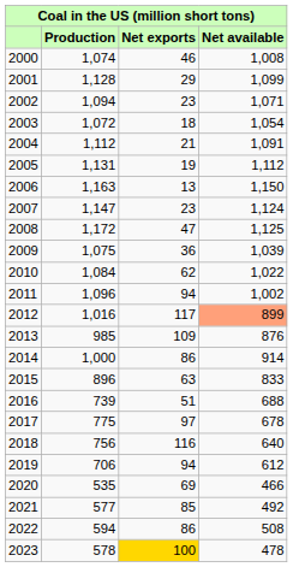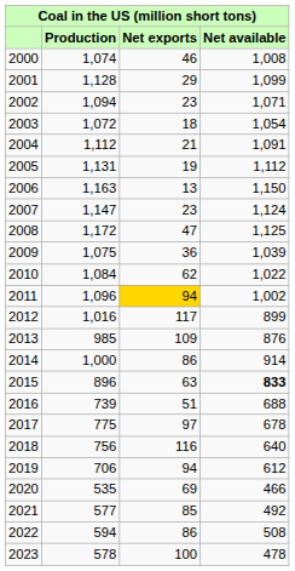 <table class="wikitable">
 <tr>
 <th colspan="4" align="center" style="background-color: #cfb;">Coal in the US (million short tons)</th>
 </tr>
 <tr>
 <th style="background-color: #cfb;"></th>
 <th style="background-color: #cfb;">Production</th>
 <th style="background-color: #cfb;">Net exports</th>
 <th style="background-color: #cfb;">Net available</th>
 </tr>
 <tr ---->
 <td align="left">2000</td>
 <td align="right">1,074</td>
 <td align="right">46</td>
 <td align="right">1,008</td>
 </tr>
 <tr ---->
 <td align="left">2001</td>
 <td align="right">1,128</td>
 <td align="right">29</td>
 <td align="right">1,099</td>
 </tr>
 <tr ---->
 <td align="left">2002</td>
 <td align="right">1,094</td>
 <td align="right">23</td>
 <td align="right">1,071</td>
 </tr>
 <tr ---->
 <td align="left">2003</td>
 <td align="right">1,072</td>
 <td align="right">18</td>
 <td align="right">1,054</td>
 </tr>
 <tr ---->
 <td align="left">2004</td>
 <td align="right">1,112</td>
 <td align="right">21</td>
 <td align="right">1,091</td>
 </tr>
 <tr ---->
 <td align="left">2005</td>
 <td align="right">1,131</td>
 <td align="right">19</td>
 <td align="right">1,112</td>
 </tr>
 <tr ---->
 <td align="left">2006</td>
 <td align="right">1,163</td>
 <td align="right">13</td>
 <td align="right">1,150</td>
 </tr>
 <tr ---->
 <td align="left">2007</td>
 <td align="right">1,147</td>
 <td align="right">23</td>
 <td align="right">1,124</td>
 </tr>
 <tr ---->
 <td align="left">2008</td>
 <td align="right">1,172</td>
 <td align="right">47</td>
 <td align="right">1,125</td>
 </tr>
 <tr ---->
 <td align="left">2009</td>
 <td align="right">1,075</td>
 <td align="right">36</td>
 <td align="right">1,039</td>
 </tr>
 <tr ---->
 <td align="left">2010</td>
 <td align="right">1,084</td>
 <td align="right">62</td>
 <td align="right">1,022</td>
 </tr>
 <tr ---->
 <td align="left">2011</td>
 <td align="right">1,096</td>
-<td align="right">94</td>
+<td align="right" style="background: gold;">94</td>
 <td align="right">1,002</td>
 </tr>
 <tr ---->
 <td align="left">2012</td>
 <td align="right">1,016</td>
 <td align="right">117</td>
-<td align="right" style="background: lightsalmon;">899</td>
+<td align="right">899</td>
 </tr>
 <tr ---->
 <td align="left">2013</td>
 <td align="right">985</td>
 <td align="right">109</td>
 <td align="right">876</td>
 </tr>
 <tr ----->
 <td align="left">2014</td>
 <td align="right">1,000</td>
 <td align="right">86</td>
 <td align="right">914</td>
 </tr>
 <tr ----->
 <td align="left">2015</td>
 <td align="right">896</td>
 <td align="right">63</td>
-<td align="right">833</td>
+<td align="right"><strong>833</strong></td>
 </tr>
 <tr ---->
 <td align="left">2016</td>
 <td align="right">739</td>
 <td align="right">51</td>
 <td align="right">688</td>
 </tr>
 <tr>
 <td align="left">2017</td>
 <td align="right">775</td>
 <td align="right">97</td>
 <td align="right">678</td>
 </tr>
 <tr>
 <td align="left">2018</td>
 <td align="right">756</td>
 <td align="right">116</td>
 <td align="right">640</td>
 </tr>
 <tr align="right">
 <td align="left">2019</td>
 <td>706</td>
 <td>94</td>
 <td>612</td>
 </tr>
 <tr>
 <td align="left">2020</td>
 <td align="right">535</td>
 <td align="right">69</td>
 <td align="right">466</td>
 </tr>
 <tr>
 <td align="left">2021</td>
 <td align="right">577</td>
 <td align="right">85</td>
 <td align="right">492</td>
 </tr>
 <tr>
 <td align="left">2022</td>
 <td align="right">594</td>
 <td align="right">86</td>
 <td align="right">508</td>
 </tr>
 <tr>
 <td align="left">2023</td>
 <td align="right">578</td>
-<td align="right" style="background: gold;">100</td>
+<td align="right">100</td>
 <td align="right">478</td>
 </tr>
 </table>
